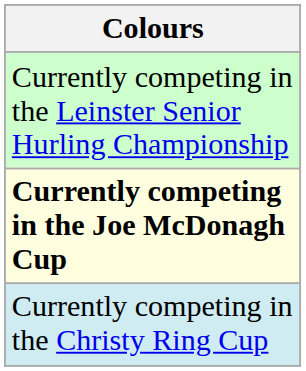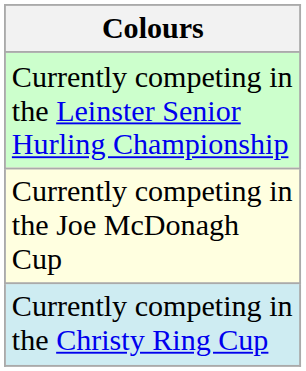 <table class="wikitable">
 <tr>
 <th width="150">Colours</th>
 </tr>
 <tr style="background:#ccffcc">
 <td>Currently competing in the <a href='#'>Leinster Senior Hurling Championship</a></td>
 </tr>
 <tr style="background:#FFFFE0">
-<td><strong>Currently competing in the Joe McDonagh Cup</strong></td>
+<td>Currently competing in the Joe McDonagh Cup</td>
 </tr>
 <tr style="background:#CEECF2">
 <td>Currently competing in the <a href='#'>Christy Ring Cup</a></td>
 </tr>
 </table>
